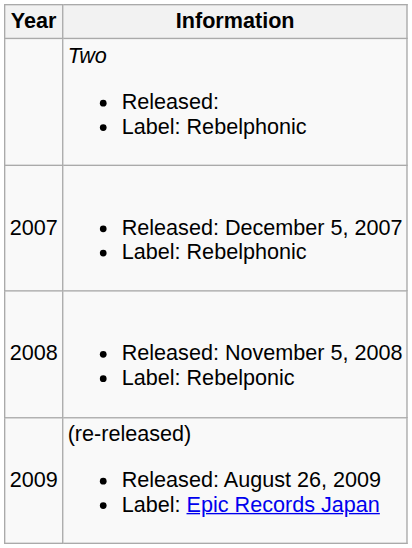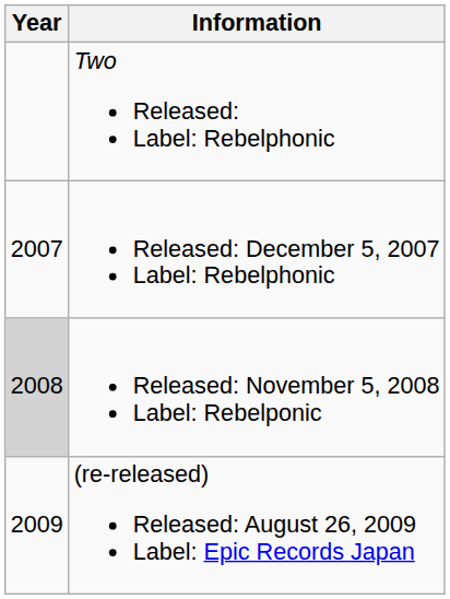 <table class="wikitable">
 <tr>
 <th>Year</th>
 <th>Information</th>
 </tr>
 <tr>
 <td></td>
 <td><em>Two</em><br><ul><li>Released:</li><li>Label: Rebelphonic</li></ul></td>
 </tr>
 <tr>
 <td>2007</td>
 <td><em></em><br><ul><li>Released: December 5, 2007</li><li>Label: Rebelphonic</li></ul></td>
 </tr>
 <tr>
-<td>2008</td>
+<td style="background: lightgrey;">2008</td>
 <td><em></em><br><ul><li>Released: November 5, 2008</li><li>Label: Rebelponic</li></ul></td>
 </tr>
 <tr>
 <td>2009</td>
 <td><em></em> (re-released)<br><ul><li>Released: August 26, 2009</li><li>Label: <a href='#'>Epic Records Japan</a></li></ul></td>
 </tr>
 </table>
